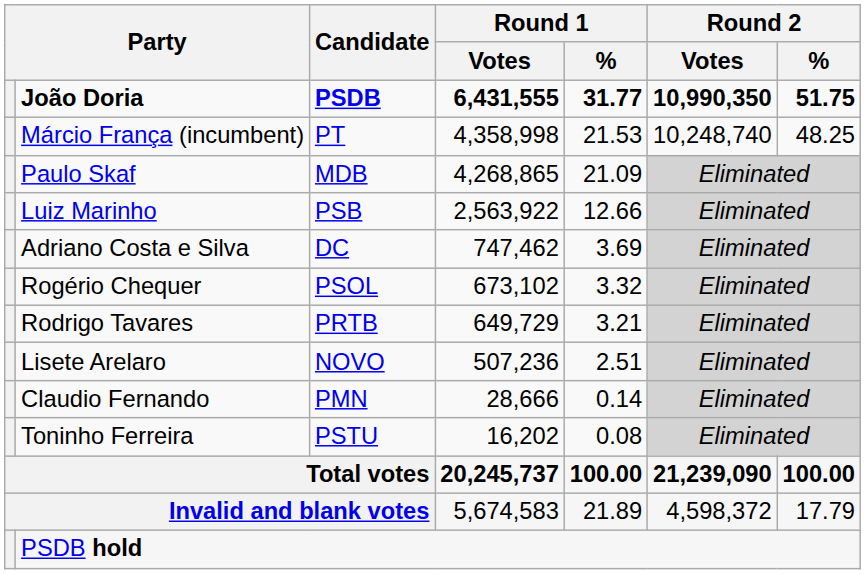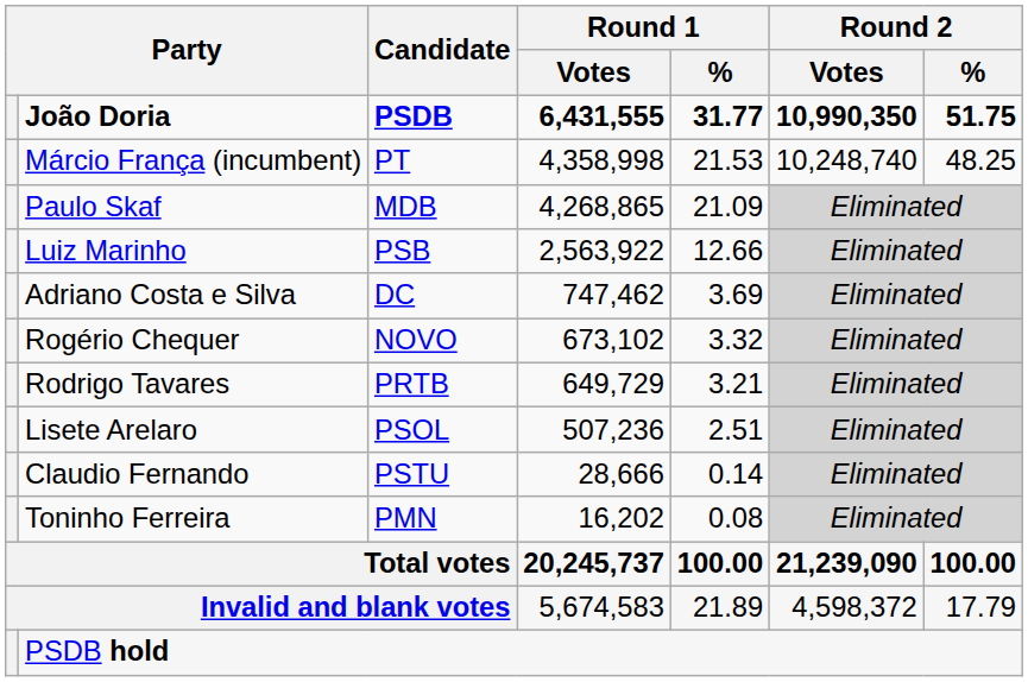 <table class="wikitable sortable" style="text-align:right">
 <tr>
 <th colspan=2 rowspan=2>Party</th>
 <th rowspan=2>Candidate</th>
 <th colspan=2>Round 1</th>
 <th colspan=2>Round 2</th>
 </tr>
 <tr>
 <th>Votes</th>
 <th>%</th>
 <th>Votes</th>
 <th>%</th>
 </tr>
 <tr>
 <th style="background-color:"></th>
 <td style="text-align:left"><strong>João Doria</strong></td>
 <td style="text-align:left"><strong><a href='#'>PSDB</a></strong></td>
 <td><strong>6,431,555</strong></td>
 <td><strong>31.77</strong></td>
 <td><strong>10,990,350</strong></td>
 <td><strong>51.75</strong></td>
 </tr>
 <tr>
 <th style="background-color:"></th>
 <td style="text-align:left"><a href='#'>Márcio França</a> (incumbent)</td>
 <td style="text-align:left"><a href='#'>PT</a></td>
 <td>4,358,998</td>
 <td>21.53</td>
 <td>10,248,740</td>
 <td>48.25</td>
 </tr>
 <tr>
 <th style="background-color:"></th>
 <td style="text-align:left"><a href='#'>Paulo Skaf</a></td>
 <td style="text-align:left"><a href='#'>MDB</a></td>
 <td>4,268,865</td>
 <td>21.09</td>
 <td colspan="2"  style="background:lightgrey; text-align:center;"><em>Eliminated</em></td>
 </tr>
 <tr>
 <th style="background-color:"></th>
 <td style="text-align:left"><a href='#'>Luiz Marinho</a></td>
 <td style="text-align:left"><a href='#'>PSB</a></td>
 <td>2,563,922</td>
 <td>12.66</td>
 <td colspan="2"  style="background:lightgrey; text-align:center;"><em>Eliminated</em></td>
 </tr>
 <tr>
 <th style="background-color:"></th>
 <td style="text-align:left">Adriano Costa e Silva</td>
 <td style="text-align:left"><a href='#'>DC</a></td>
 <td>747,462</td>
 <td>3.69</td>
 <td colspan="2"  style="background:lightgrey; text-align:center;"><em>Eliminated</em></td>
 </tr>
 <tr>
 <th style="background-color:"></th>
 <td style="text-align:left">Rogério Chequer</td>
-<td style="text-align:left"><a href='#'>PSOL</a></td>
+<td style="text-align:left"><a href='#'>NOVO</a></td>
 <td>673,102</td>
 <td>3.32</td>
 <td colspan="2"  style="background:lightgrey; text-align:center;"><em>Eliminated</em></td>
 </tr>
 <tr>
 <th style="background-color:"></th>
 <td style="text-align:left">Rodrigo Tavares</td>
 <td style="text-align:left"><a href='#'>PRTB</a></td>
 <td>649,729</td>
 <td>3.21</td>
 <td colspan="2"  style="background:lightgrey; text-align:center;"><em>Eliminated</em></td>
 </tr>
 <tr>
 <th style="background-color:"></th>
 <td style="text-align:left">Lisete Arelaro</td>
-<td style="text-align:left"><a href='#'>NOVO</a></td>
+<td style="text-align:left"><a href='#'>PSOL</a></td>
 <td>507,236</td>
 <td>2.51</td>
 <td colspan="2"  style="background:lightgrey; text-align:center;"><em>Eliminated</em></td>
 </tr>
 <tr>
 <th style="background-color:"></th>
 <td style="text-align:left">Claudio Fernando</td>
-<td style="text-align:left"><a href='#'>PMN</a></td>
+<td style="text-align:left"><a href='#'>PSTU</a></td>
 <td>28,666</td>
 <td>0.14</td>
 <td colspan="2"  style="background:lightgrey; text-align:center;"><em>Eliminated</em></td>
 </tr>
 <tr>
 <th style="background-color:"></th>
 <td style="text-align:left">Toninho Ferreira</td>
-<td style="text-align:left"><a href='#'>PSTU</a></td>
+<td style="text-align:left"><a href='#'>PMN</a></td>
 <td>16,202</td>
 <td>0.08</td>
 <td colspan="2"  style="background:lightgrey; text-align:center;"><em>Eliminated</em></td>
 </tr>
 <tr class="sortbottom" style="background:#f6f6f6;">
 <th colspan=3 scope="row" style="text-align:right;">Total votes</th>
 <td><strong>20,245,737</strong></td>
 <td><strong>100.00</strong></td>
 <td><strong>21,239,090</strong></td>
 <td><strong>100.00</strong></td>
 </tr>
 <tr class="sortbottom" style="background:#f6f6f6;">
 <th colspan=3 scope="row" style="text-align:right;"><a href='#'>Invalid and blank votes</a></th>
 <td>5,674,583</td>
 <td>21.89</td>
 <td>4,598,372</td>
 <td>17.79</td>
 </tr>
 <tr class="sortbottom" style="background:#f6f6f6;">
 <th style="background-color:"></th>
 <td style="text-align:left" colspan=6><a href='#'>PSDB</a> <strong>hold</strong></td>
 </tr>
 </table>
